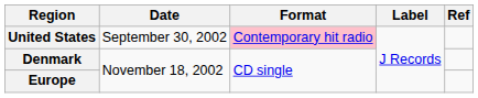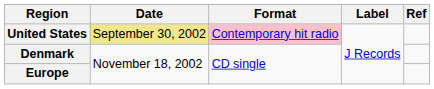 <table class="wikitable plainrowheaders">
 <tr>
 <th scope="col">Region</th>
 <th scope="col">Date</th>
 <th scope="col">Format</th>
 <th scope="col">Label</th>
 <th scope="col">Ref</th>
 </tr>
 <tr>
 <th scope="row">United States</th>
-<td>September 30, 2002</td>
+<td style="background: khaki;">September 30, 2002</td>
 <td style="background: pink;"><a href='#'>Contemporary hit radio</a></td>
 <td rowspan="3"><a href='#'>J Records</a></td>
 <td></td>
 </tr>
 <tr>
 <th scope="row">Denmark</th>
 <td rowspan="2">November 18, 2002</td>
 <td rowspan="2"><a href='#'>CD single</a></td>
 <td></td>
 </tr>
 <tr>
 <th scope="row">Europe</th>
 <td></td>
 </tr>
 </table>
